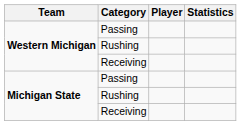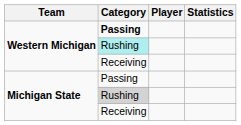 <table class="wikitable" style="float: right;">
 <tr>
 <th>Team</th>
 <th>Category</th>
 <th>Player</th>
 <th>Statistics</th>
 </tr>
 <tr>
 <td rowspan=3><strong>Western Michigan</strong></td>
-<td>Passing</td>
+<td><strong>Passing</strong></td>
 <td></td>
 <td></td>
 </tr>
 <tr>
-<td>Rushing</td>
+<td style="background: paleturquoise;">Rushing</td>
 <td></td>
 <td></td>
 </tr>
 <tr>
 <td>Receiving</td>
 <td></td>
 <td></td>
 </tr>
 <tr>
 <td rowspan=3><strong>Michigan State</strong></td>
 <td>Passing</td>
 <td></td>
 <td></td>
 </tr>
 <tr>
-<td>Rushing</td>
+<td style="background: lightgrey;">Rushing</td>
 <td></td>
 <td></td>
 </tr>
 <tr>
 <td>Receiving</td>
 <td></td>
 <td></td>
 </tr>
 </table>
